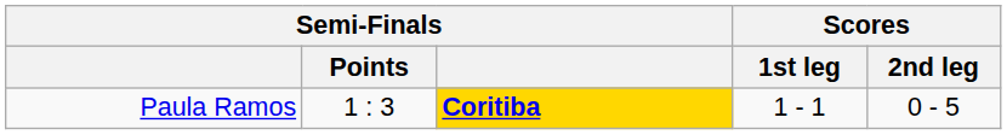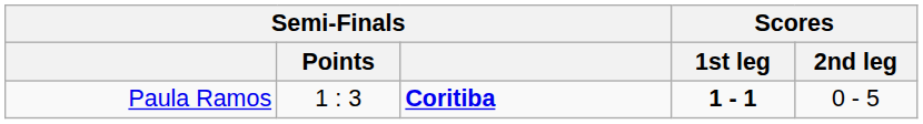 <table class="wikitable" style="text-align:center;">
 <tr>
 <th colspan=3>Semi-Finals</th>
 <th colspan=3>Scores</th>
 </tr>
 <tr>
 <th width="175"></th>
 <th width="75">Points</th>
 <th width="175"></th>
 <th width="75">1st leg</th>
 <th width="75">2nd leg</th>
 </tr>
 <tr>
 <td align=right><a href='#'>Paula Ramos</a></td>
 <td>1 : 3</td>
-<td align=left style="background: gold;"><strong><a href='#'>Coritiba</a></strong></td>
-<td>1 - 1</td>
+<td align=left><strong><a href='#'>Coritiba</a></strong></td>
+<td><strong>1 - 1</strong></td>
 <td>0 - 5</td>
 </tr>
 </table>
